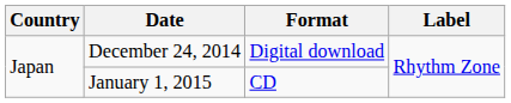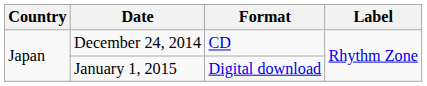 <table class="wikitable">
 <tr>
 <th>Country</th>
 <th>Date</th>
 <th>Format</th>
 <th>Label</th>
 </tr>
 <tr>
 <td rowspan="2">Japan</td>
 <td>December 24, 2014</td>
-<td><a href='#'>Digital download</a></td>
+<td><a href='#'>CD</a></td>
 <td rowspan="2"><a href='#'>Rhythm Zone</a></td>
 </tr>
 <tr>
 <td>January 1, 2015</td>
-<td><a href='#'>CD</a></td>
+<td><a href='#'>Digital download</a></td>
 </tr>
 </table>
